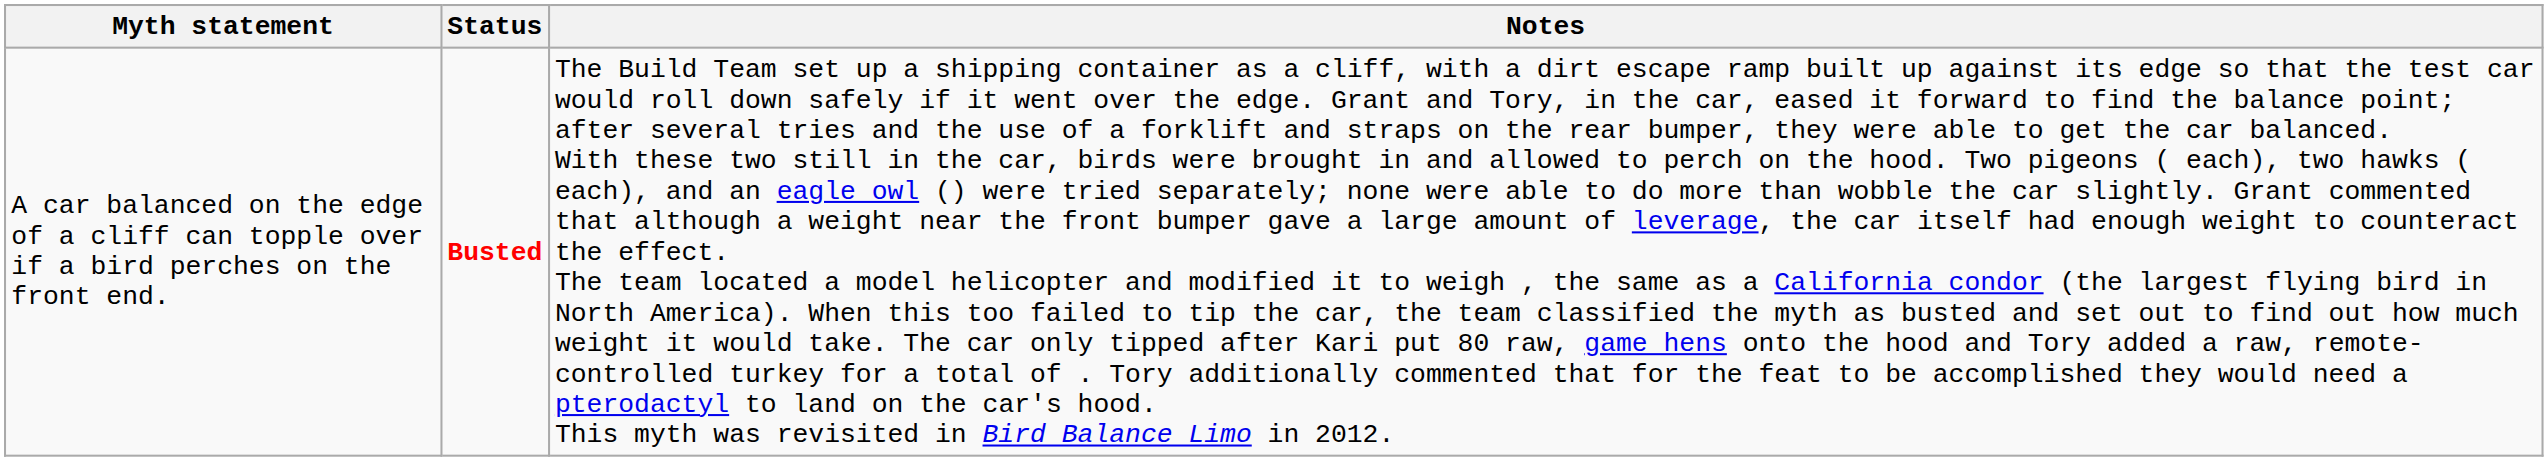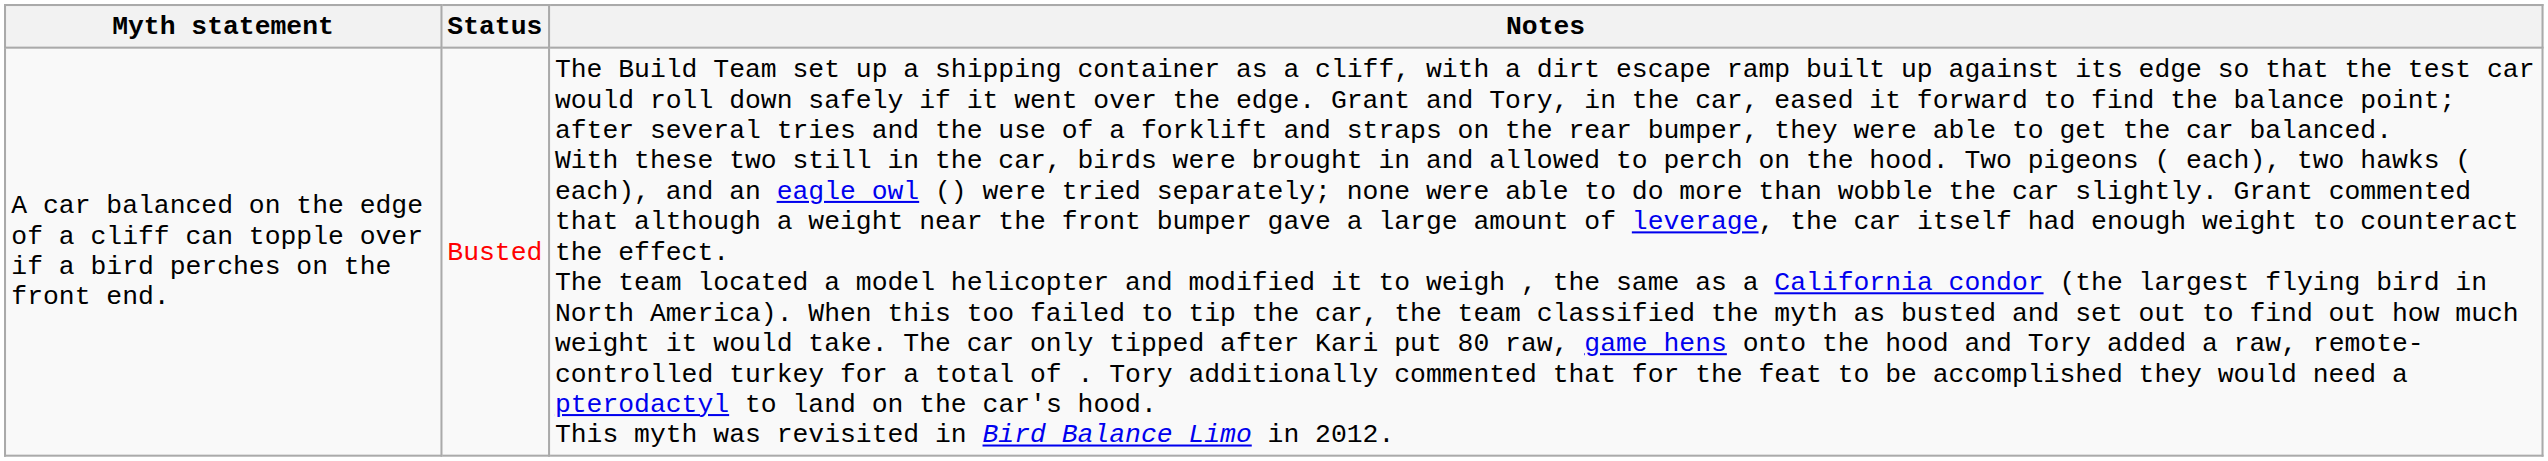 <table class="wikitable plainrowheaders">
 <tr>
 <th>Myth statement</th>
 <th>Status</th>
 <th>Notes</th>
 </tr>
 <tr>
 <td>A car balanced on the edge of a cliff can topple over if a bird perches on the front end.</td>
-<td style="color:red"><strong>Busted</strong></td>
+<td style="color:red">Busted</td>
 <td>The Build Team set up a shipping container as a cliff, with a dirt escape ramp built up against its edge so that the test car would roll down safely if it went over the edge. Grant and Tory, in the car, eased it forward to find the balance point; after several tries and the use of a forklift and straps on the rear bumper, they were able to get the car balanced.<br>With these two still in the car, birds were brought in and allowed to perch on the hood. Two pigeons ( each), two hawks ( each), and an <a href='#'>eagle owl</a> () were tried separately; none were able to do more than wobble the car slightly. Grant commented that although a weight near the front bumper gave a large amount of <a href='#'>leverage</a>, the car itself had enough weight to counteract the effect.<br>The team located a model helicopter and modified it to weigh , the same as a <a href='#'>California condor</a> (the largest flying bird in North America). When this too failed to tip the car, the team classified the myth as busted and set out to find out how much weight it would take. The car only tipped after Kari put 80 raw,  <a href='#'>game hens</a> onto the hood and Tory added a raw,  remote-controlled turkey for a total of . Tory additionally commented that for the feat to be accomplished they would need a <a href='#'>pterodactyl</a> to land on the car's hood.<br>This myth was revisited in <em><a href='#'>Bird Balance Limo</a></em> in 2012.</td>
 </tr>
 </table>
